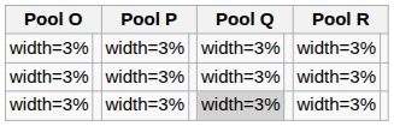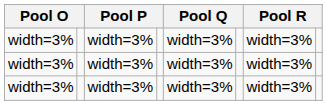 <table class="wikitable">
 <tr>
 <th width=25% colspan=2>Pool O</th>
 <th width=25% colspan=2>Pool P</th>
 <th width=25% colspan=2>Pool Q</th>
 <th width=25% colspan=2>Pool R</th>
 </tr>
 <tr>
 <td>width=3% </td>
 <td></td>
 <td>width=3% </td>
 <td></td>
 <td>width=3% </td>
 <td></td>
 <td>width=3% </td>
 <td></td>
 </tr>
 <tr>
 <td>width=3% </td>
 <td></td>
 <td>width=3% </td>
 <td></td>
 <td>width=3% </td>
 <td></td>
 <td>width=3% </td>
 <td></td>
 </tr>
 <tr>
 <td>width=3% </td>
 <td></td>
 <td>width=3% </td>
 <td></td>
-<td style="background: lightgrey;">width=3% </td>
+<td>width=3% </td>
 <td></td>
 <td>width=3% </td>
 <td></td>
 </tr>
 </table>
